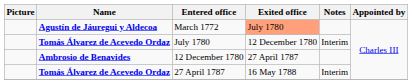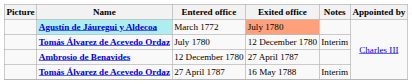 <table class="wikitable" style="font-size:95%;">
 <tr>
 <th>Picture</th>
 <th>Name</th>
 <th>Entered office</th>
 <th>Exited office</th>
 <th>Notes</th>
 <th>Appointed by</th>
 </tr>
 <tr>
 <td></td>
-<td><strong><a href='#'>Agustín de Jáuregui y Aldecoa</a></strong></td>
+<td style="background: paleturquoise;"><strong><a href='#'>Agustín de Jáuregui y Aldecoa</a></strong></td>
 <td>March 1772</td>
 <td style="background: lightsalmon;">July 1780</td>
 <td></td>
 <td rowspan=4 align=center><a href='#'>Charles III</a></td>
 </tr>
 <tr>
 <td></td>
 <td><strong><a href='#'>Tomás Álvarez de Acevedo Ordaz</a></strong></td>
 <td>July 1780</td>
 <td>12 December 1780</td>
 <td>Interim</td>
 </tr>
 <tr>
 <td></td>
 <td><strong><a href='#'>Ambrosio de Benavides</a></strong></td>
 <td>12 December 1780</td>
 <td>27 April 1787</td>
 <td></td>
 </tr>
 <tr>
 <td></td>
 <td><strong><a href='#'>Tomás Álvarez de Acevedo Ordaz</a></strong></td>
 <td>27 April 1787</td>
 <td>16 May 1788</td>
 <td>Interim</td>
 </tr>
 <tr>
 </tr>
 </table>
